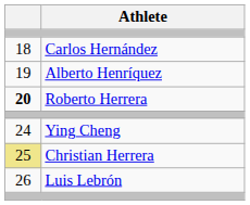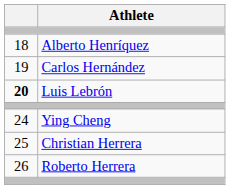 <table class="wikitable">
 <tr>
 <th width="30"></th>
 <th width="200">Athlete</th>
 </tr>
 <tr bgcolor="C0C0C0">
 <td colspan=2></td>
 </tr>
 <tr>
 <td align="center">18</td>
+<td> <a href='#'>Alberto Henríquez</a></td>
+</tr>
+<tr>
+<td align="center">19</td>
 <td> <a href='#'>Carlos Hernández</a></td>
 </tr>
 <tr>
-<td align="center">19</td>
-<td> <a href='#'>Alberto Henríquez</a></td>
-</tr>
-<tr>
 <td align="center"><strong>20</strong></td>
-<td> <a href='#'>Roberto Herrera</a></td>
+<td> <a href='#'>Luis Lebrón</a></td>
 </tr>
 <tr bgcolor="C0C0C0">
 <td colspan=2></td>
 </tr>
 <tr>
 <td align="center">24</td>
 <td> <a href='#'>Ying Cheng</a></td>
 </tr>
 <tr>
-<td align="center" style="background: khaki;">25</td>
+<td align="center">25</td>
 <td> <a href='#'>Christian Herrera</a></td>
 </tr>
 <tr>
 <td align="center">26</td>
-<td> <a href='#'>Luis Lebrón</a></td>
+<td> <a href='#'>Roberto Herrera</a></td>
 </tr>
 <tr bgcolor="C0C0C0">
 <td colspan=2></td>
 </tr>
 </table>
